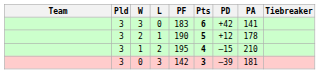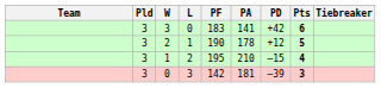 <table class="wikitable" style="text-align:center;">
 <tr>
 <th width=170>Team</th>
 <th width=25>Pld</th>
 <th width=25>W</th>
 <th width=25>L</th>
 <th width=35>PF</th>
+<th width=35>PA</th>
+<th width=35>PD</th>
 <th width=25>Pts</th>
-<th width=35>PD</th>
-<th width=35>PA</th>
 <th width=50>Tiebreaker</th>
 </tr>
 <tr bgcolor=ccffcc>
 <td align="left"></td>
 <td>3</td>
 <td>3</td>
 <td>0</td>
 <td>183</td>
+<td>141</td>
+<td>+42</td>
 <td><strong>6</strong></td>
-<td>+42</td>
-<td>141</td>
 <td></td>
 </tr>
 <tr bgcolor=ccffcc>
 <td align="left"></td>
 <td>3</td>
 <td>2</td>
 <td>1</td>
 <td>190</td>
+<td>178</td>
+<td>+12</td>
 <td><strong>5</strong></td>
-<td>+12</td>
-<td>178</td>
 <td></td>
 </tr>
 <tr bgcolor=ccffcc>
 <td align="left"></td>
 <td>3</td>
 <td>1</td>
 <td>2</td>
 <td>195</td>
+<td>210</td>
+<td>–15</td>
 <td><strong>4</strong></td>
-<td>–15</td>
-<td>210</td>
 <td></td>
 </tr>
 <tr bgcolor=ffcccc>
 <td align="left"></td>
 <td>3</td>
 <td>0</td>
 <td>3</td>
 <td>142</td>
+<td>181</td>
+<td>–39</td>
 <td><strong>3</strong></td>
-<td>–39</td>
-<td>181</td>
 <td></td>
 </tr>
 </table>
